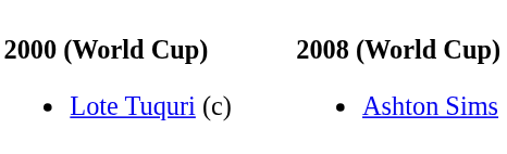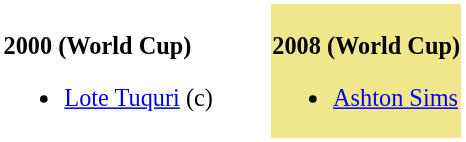 <table class="toccolours" style="border-collapse: collapse;">
 <tr>
 <td colspan=7 align="right"></td>
 </tr>
 <tr>
 <td valign="top"><br><strong>2000 (World Cup)</strong><ul><li><a href='#'>Lote Tuquri</a> (c)</li></ul></td>
 <td width="35"> </td>
-<td valign="top"><br><strong>2008 (World Cup)</strong><ul><li><a href='#'>Ashton Sims</a></li></ul></td>
+<td valign="top" style="background: khaki;"><br><strong>2008 (World Cup)</strong><ul><li><a href='#'>Ashton Sims</a></li></ul></td>
 <td width="35"> </td>
 <td valign="top"></td>
 </tr>
 </table>
